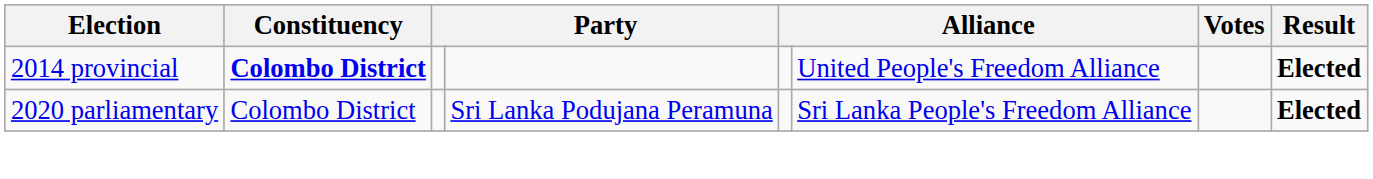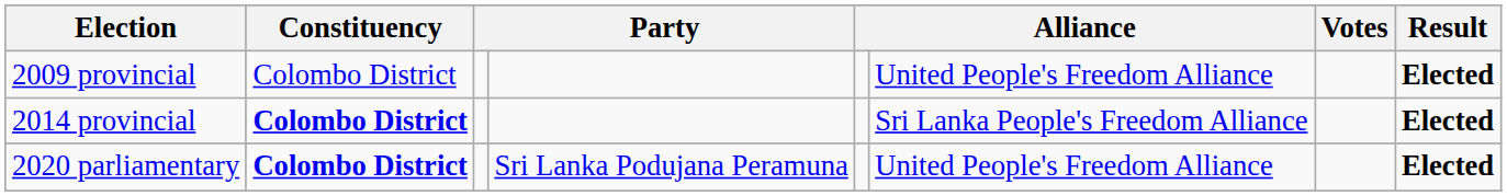 <table class="wikitable" style="text-align:left;">
 <tr>
 <th scope=col>Election</th>
 <th scope=col>Constituency</th>
 <th scope=col colspan="2">Party</th>
 <th scope=col colspan="2">Alliance</th>
 <th scope=col>Votes</th>
 <th scope=col>Result</th>
 </tr>
 <tr>
-<td><a href='#'>2014 provincial</a></td>
-<td><strong><a href='#'>Colombo District</a></strong></td>
+<td><a href='#'>2009 provincial</a></td>
+<td><a href='#'>Colombo District</a></td>
 <td></td>
 <td></td>
 <td style="background:"></td>
 <td><a href='#'>United People's Freedom Alliance</a></td>
 <td align=right></td>
 <td><strong>Elected</strong></td>
 </tr>
 <tr>
-<td><a href='#'>2020 parliamentary</a></td>
-<td><a href='#'>Colombo District</a></td>
-<td style="background:"></td>
-<td><a href='#'>Sri Lanka Podujana Peramuna</a></td>
+<td><a href='#'>2014 provincial</a></td>
+<td><strong><a href='#'>Colombo District</a></strong></td>
+<td></td>
+<td></td>
 <td style="background:"></td>
 <td><a href='#'>Sri Lanka People's Freedom Alliance</a></td>
 <td align=right></td>
 <td><strong>Elected</strong></td>
 </tr>
+<tr>
+<td><a href='#'>2020 parliamentary</a></td>
+<td><strong><a href='#'>Colombo District</a></strong></td>
+<td style="background:"></td>
+<td><a href='#'>Sri Lanka Podujana Peramuna</a></td>
+<td style="background:"></td>
+<td><a href='#'>United People's Freedom Alliance</a></td>
+<td align=right></td>
+<td><strong>Elected</strong></td>
+</tr>
 </table>
